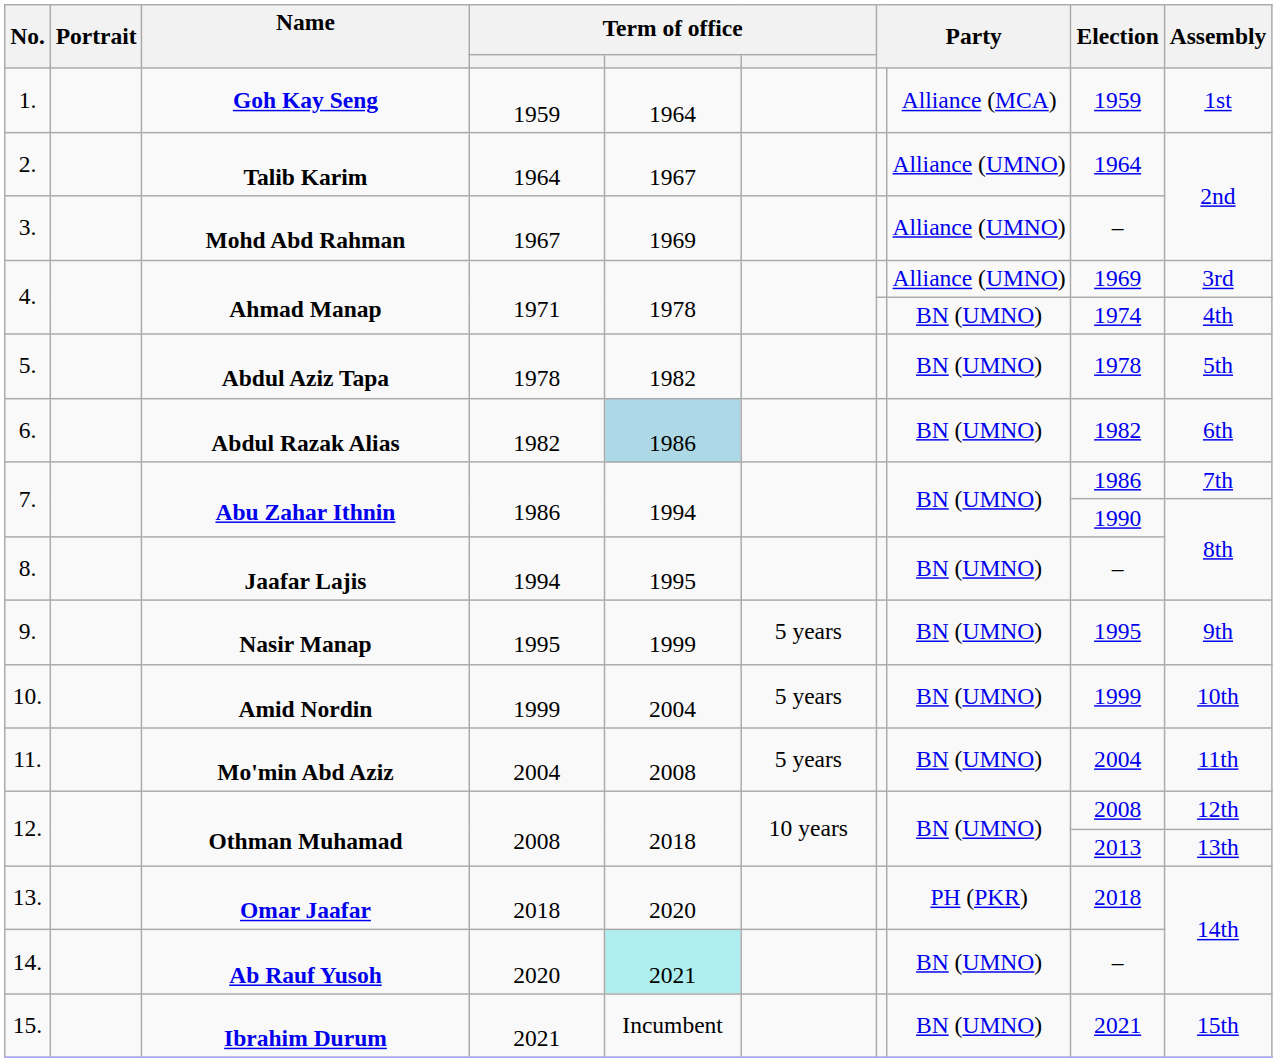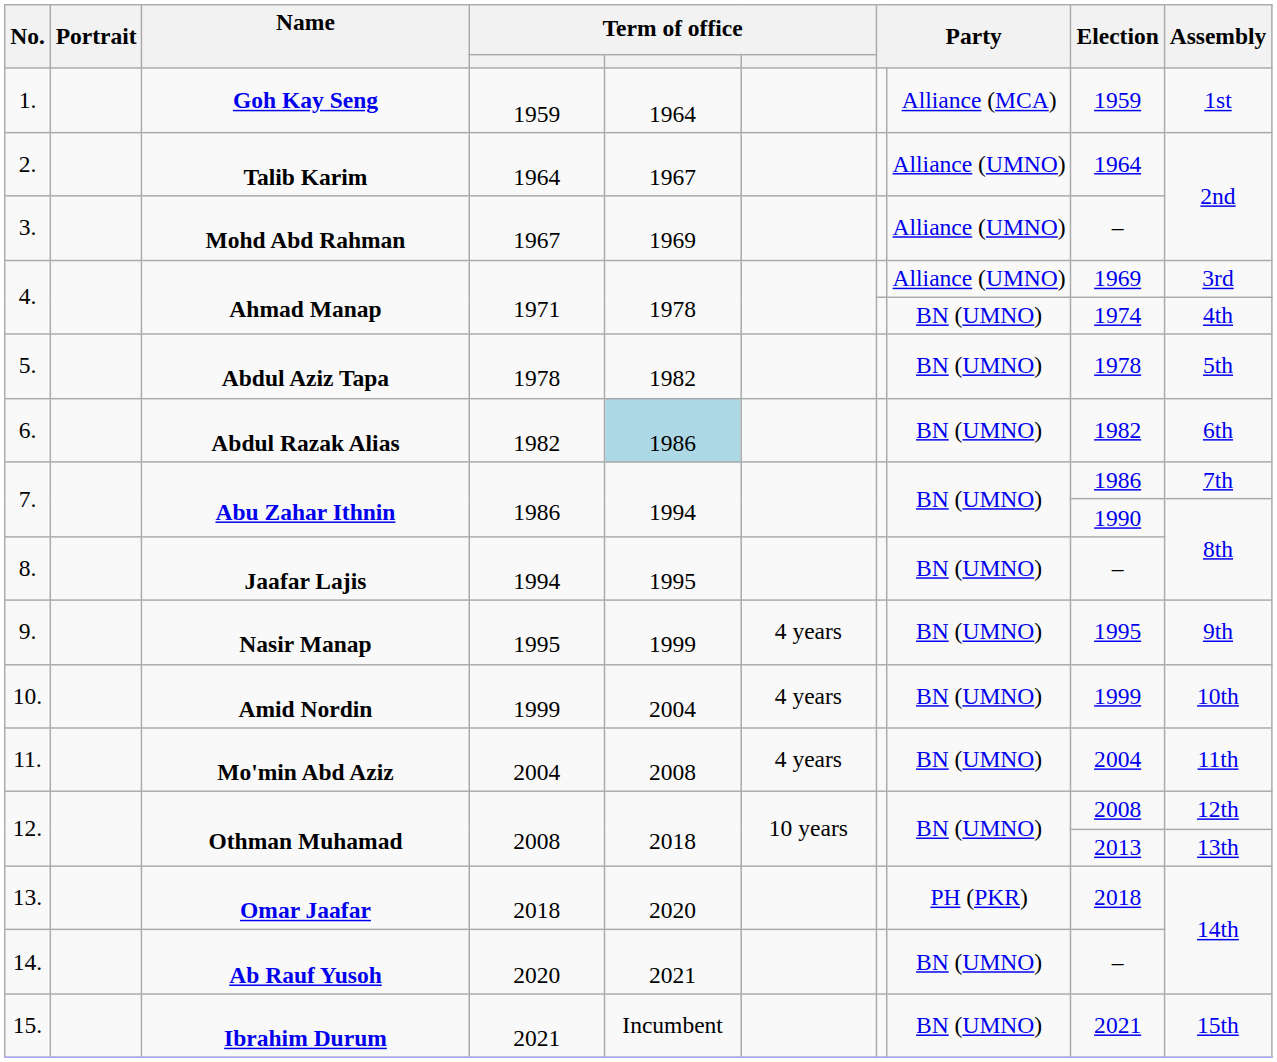 <table class="wikitable" style="text-align:center; border:1px #aaf solid;">
 <tr>
 <th rowspan="2">No.</th>
 <th rowspan="2">Portrait</th>
 <th rowspan="2" width="215">Name<br><br></th>
 <th colspan="3">Term of office</th>
 <th colspan="2" rowspan="2">Party</th>
 <th rowspan="2">Election</th>
 <th rowspan="2">Assembly</th>
 </tr>
 <tr>
 <th width="85"></th>
 <th width="85"></th>
 <th width="85"></th>
 </tr>
 <tr>
 <td>1.</td>
 <td></td>
 <td><strong><a href='#'>Goh Kay Seng</a></strong><br></td>
 <td><br>1959</td>
 <td><br>1964</td>
 <td></td>
 <td style="background:"></td>
 <td><a href='#'>Alliance</a> (<a href='#'>MCA</a>)</td>
 <td><a href='#'>1959</a></td>
 <td><a href='#'>1st</a></td>
 </tr>
 <tr>
 <td>2.</td>
 <td></td>
 <td><br><strong>Talib Karim</strong><br></td>
 <td><br>1964</td>
 <td><br>1967</td>
 <td></td>
 <td style="background:"></td>
 <td><a href='#'>Alliance</a> (<a href='#'>UMNO</a>)</td>
 <td><a href='#'>1964</a></td>
 <td rowspan=2><a href='#'>2nd</a></td>
 </tr>
 <tr>
 <td>3.</td>
 <td></td>
 <td><br><strong>Mohd Abd Rahman</strong><br></td>
 <td><br>1967</td>
 <td><br>1969</td>
 <td></td>
 <td style="background:"></td>
 <td><a href='#'>Alliance</a> (<a href='#'>UMNO</a>)</td>
 <td>–</td>
 </tr>
 <tr>
 <td rowspan=2>4.</td>
 <td rowspan=2></td>
 <td rowspan=2><br><strong>Ahmad Manap</strong><br></td>
 <td rowspan=2><br>1971</td>
 <td rowspan=2><br>1978</td>
 <td rowspan=2></td>
 <td style="background:"></td>
 <td><a href='#'>Alliance</a> (<a href='#'>UMNO</a>)</td>
 <td><a href='#'>1969</a></td>
 <td><a href='#'>3rd</a></td>
 </tr>
 <tr>
 <td style="background:"></td>
 <td><a href='#'>BN</a> (<a href='#'>UMNO</a>)</td>
 <td><a href='#'>1974</a></td>
 <td><a href='#'>4th</a></td>
 </tr>
 <tr>
 <td>5.</td>
 <td></td>
 <td><br><strong>Abdul Aziz Tapa</strong><br></td>
 <td><br>1978</td>
 <td><br>1982</td>
 <td></td>
 <td style="background:"></td>
 <td><a href='#'>BN</a> (<a href='#'>UMNO</a>)</td>
 <td><a href='#'>1978</a></td>
 <td><a href='#'>5th</a></td>
 </tr>
 <tr>
 <td>6.</td>
 <td></td>
 <td><br><strong>Abdul Razak Alias</strong><br></td>
 <td><br>1982</td>
 <td style="background: lightblue;"><br>1986</td>
 <td></td>
 <td style="background:"></td>
 <td><a href='#'>BN</a> (<a href='#'>UMNO</a>)</td>
 <td><a href='#'>1982</a></td>
 <td><a href='#'>6th</a></td>
 </tr>
 <tr>
 <td rowspan=2>7.</td>
 <td rowspan=2></td>
 <td rowspan=2><br><strong><a href='#'>Abu Zahar Ithnin</a></strong><br></td>
 <td rowspan=2><br>1986</td>
 <td rowspan=2><br>1994</td>
 <td rowspan=2></td>
 <td rowspan=2 style="background:"></td>
 <td rowspan=2><a href='#'>BN</a> (<a href='#'>UMNO</a>)</td>
 <td><a href='#'>1986</a></td>
 <td><a href='#'>7th</a></td>
 </tr>
 <tr>
 <td><a href='#'>1990</a></td>
 <td rowspan=2><a href='#'>8th</a></td>
 </tr>
 <tr>
 <td>8.</td>
 <td></td>
 <td><br><strong>Jaafar Lajis</strong><br></td>
 <td><br>1994</td>
 <td><br>1995</td>
 <td></td>
 <td style="background:"></td>
 <td><a href='#'>BN</a> (<a href='#'>UMNO</a>)</td>
 <td>–</td>
 </tr>
 <tr>
 <td>9.</td>
 <td></td>
 <td><br><strong>Nasir Manap</strong><br></td>
 <td><br>1995</td>
 <td><br>1999</td>
-<td>5 years</td>
+<td>4 years</td>
 <td style="background:"></td>
 <td><a href='#'>BN</a> (<a href='#'>UMNO</a>)</td>
 <td><a href='#'>1995</a></td>
 <td><a href='#'>9th</a></td>
 </tr>
 <tr>
 <td>10.</td>
 <td></td>
 <td><br><strong>Amid Nordin</strong><br></td>
 <td><br>1999</td>
 <td><br>2004</td>
-<td>5 years</td>
+<td>4 years</td>
 <td style="background:"></td>
 <td><a href='#'>BN</a> (<a href='#'>UMNO</a>)</td>
 <td><a href='#'>1999</a></td>
 <td><a href='#'>10th</a></td>
 </tr>
 <tr>
 <td>11.</td>
 <td></td>
 <td><br><strong>Mo'min Abd Aziz</strong><br></td>
 <td><br>2004</td>
 <td><br>2008</td>
-<td>5 years</td>
+<td>4 years</td>
 <td style="background:"></td>
 <td><a href='#'>BN</a> (<a href='#'>UMNO</a>)</td>
 <td><a href='#'>2004</a></td>
 <td><a href='#'>11th</a></td>
 </tr>
 <tr>
 <td rowspan=2>12.</td>
 <td rowspan=2></td>
 <td rowspan=2><br><strong>Othman Muhamad</strong><br></td>
 <td rowspan=2><br>2008</td>
 <td rowspan=2><br>2018</td>
 <td rowspan=2>10 years</td>
 <td rowspan=2 style="background:"></td>
 <td rowspan=2><a href='#'>BN</a> (<a href='#'>UMNO</a>)</td>
 <td><a href='#'>2008</a></td>
 <td><a href='#'>12th</a></td>
 </tr>
 <tr>
 <td><a href='#'>2013</a></td>
 <td><a href='#'>13th</a></td>
 </tr>
 <tr>
 <td>13.</td>
 <td></td>
 <td><br><strong><a href='#'>Omar Jaafar</a></strong><br></td>
 <td><br>2018</td>
 <td><br>2020</td>
 <td></td>
 <td style="background:"></td>
 <td><a href='#'>PH</a> (<a href='#'>PKR</a>)</td>
 <td><a href='#'>2018</a></td>
 <td rowspan=2><a href='#'>14th</a></td>
 </tr>
 <tr>
 <td>14.</td>
 <td></td>
 <td><br><strong><a href='#'>Ab Rauf Yusoh</a></strong><br></td>
 <td><br>2020</td>
-<td style="background: paleturquoise;"><br>2021</td>
+<td><br>2021</td>
 <td></td>
 <td style="background:"></td>
 <td><a href='#'>BN</a> (<a href='#'>UMNO</a>)</td>
 <td>–</td>
 </tr>
 <tr>
 <td>15.</td>
 <td></td>
 <td><br><strong><a href='#'>Ibrahim Durum</a></strong><br></td>
 <td><br>2021</td>
 <td>Incumbent</td>
 <td></td>
 <td style="background:"></td>
 <td><a href='#'>BN</a> (<a href='#'>UMNO</a>)</td>
 <td><a href='#'>2021</a></td>
 <td><a href='#'>15th</a></td>
 </tr>
 <tr>
 </tr>
 </table>
